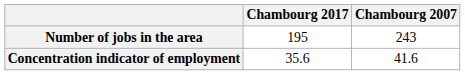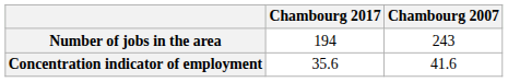 <table class="wikitable" style="margin: 1em auto 1em auto; text-align:center; align:center;">
 <tr style="background: #DDFFDD;">
 <th></th>
 <th>Chambourg 2017</th>
 <th>Chambourg 2007</th>
 </tr>
 <tr style="background: #FFFFFF;">
 <th scope="row">Number of jobs in the area</th>
-<td>195</td>
+<td>194</td>
 <td>243</td>
 </tr>
 <tr style="background: #FFFFFF;">
 <th scope="row">Concentration indicator of employment</th>
 <td>35.6</td>
 <td>41.6</td>
 </tr>
 </table>
